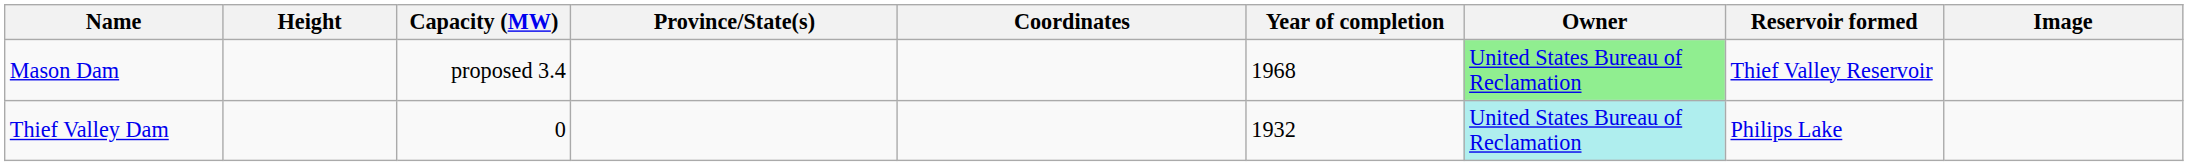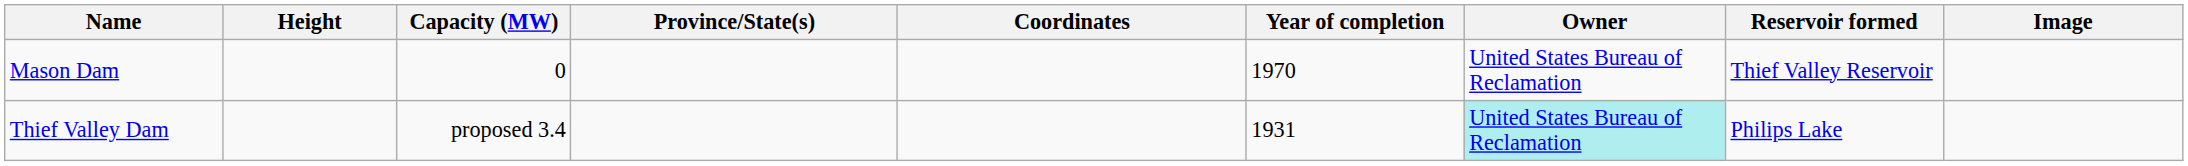 <table class="wikitable sortable" border="1">
 <tr>
 <th width="10%">Name</th>
 <th width="8%">Height</th>
 <th width="8%">Capacity (<a href='#'>MW</a>)</th>
 <th width="15%">Province/State(s)</th>
 <th width="16%">Coordinates</th>
 <th width="10%">Year of completion</th>
 <th width="12%">Owner</th>
 <th width="10%">Reservoir formed</th>
 <th>Image</th>
 </tr>
 <tr>
 <td><a href='#'>Mason Dam</a></td>
 <td></td>
-<td align="right">proposed 3.4</td>
+<td align="right">0</td>
 <td></td>
 <td></td>
-<td>1968</td>
-<td style="background: lightgreen;"><a href='#'>United States Bureau of Reclamation</a></td>
+<td>1970</td>
+<td><a href='#'>United States Bureau of Reclamation</a></td>
 <td><a href='#'>Thief Valley Reservoir</a></td>
 <td></td>
 </tr>
 <tr>
 <td><a href='#'>Thief Valley Dam</a></td>
 <td></td>
-<td align="right">0</td>
+<td align="right">proposed 3.4</td>
 <td></td>
 <td></td>
-<td>1932</td>
+<td>1931</td>
 <td style="background: paleturquoise;"><a href='#'>United States Bureau of Reclamation</a></td>
 <td><a href='#'>Philips Lake</a></td>
 <td></td>
 </tr>
 </table>
